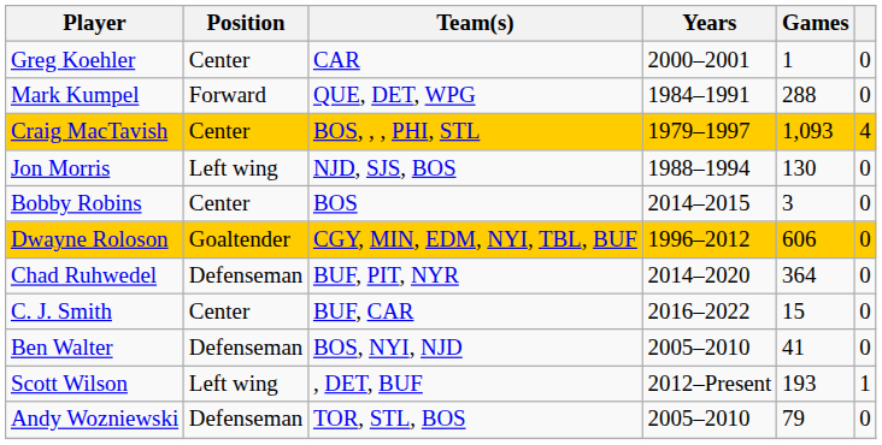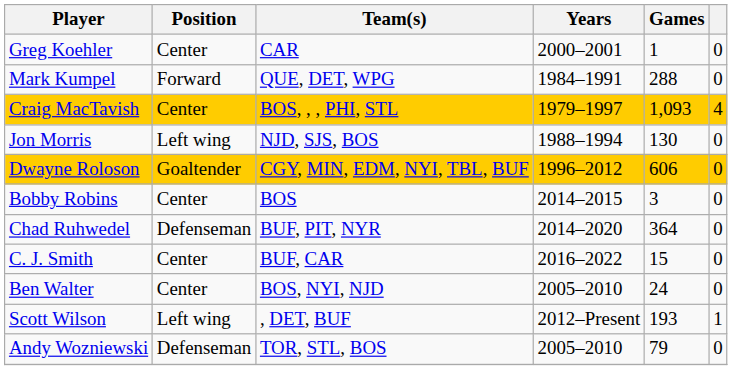 <table class="wikitable sortable">
 <tr>
 <th>Player</th>
 <th>Position</th>
 <th>Team(s)</th>
 <th>Years</th>
 <th>Games</th>
 <th><a href='#'></a></th>
 </tr>
 <tr>
 <td><a href='#'>Greg Koehler</a></td>
 <td>Center</td>
 <td><a href='#'>CAR</a></td>
 <td>2000–2001</td>
 <td>1</td>
 <td>0</td>
 </tr>
 <tr>
 <td><a href='#'>Mark Kumpel</a></td>
 <td>Forward</td>
 <td><a href='#'>QUE</a>, <a href='#'>DET</a>, <a href='#'>WPG</a></td>
 <td>1984–1991</td>
 <td>288</td>
 <td>0</td>
 </tr>
 <tr bgcolor=#FFCC00>
 <td><a href='#'>Craig MacTavish</a></td>
 <td>Center</td>
 <td><a href='#'>BOS</a>, <span><strong></strong></span>, <span><strong></strong></span>, <a href='#'>PHI</a>, <a href='#'>STL</a></td>
 <td>1979–1997</td>
 <td>1,093</td>
 <td>4</td>
 </tr>
 <tr>
 <td><a href='#'>Jon Morris</a></td>
 <td>Left wing</td>
 <td><a href='#'>NJD</a>, <a href='#'>SJS</a>, <a href='#'>BOS</a></td>
 <td>1988–1994</td>
 <td>130</td>
 <td>0</td>
 </tr>
+<tr bgcolor=#FFCC00>
+<td><a href='#'>Dwayne Roloson</a></td>
+<td>Goaltender</td>
+<td><a href='#'>CGY</a>, <a href='#'>MIN</a>, <a href='#'>EDM</a>, <a href='#'>NYI</a>, <a href='#'>TBL</a>, <a href='#'>BUF</a></td>
+<td>1996–2012</td>
+<td>606</td>
+<td>0</td>
+</tr>
 <tr>
 <td><a href='#'>Bobby Robins</a></td>
 <td>Center</td>
 <td><a href='#'>BOS</a></td>
 <td>2014–2015</td>
 <td>3</td>
-<td>0</td>
-</tr>
-<tr bgcolor=#FFCC00>
-<td><a href='#'>Dwayne Roloson</a></td>
-<td>Goaltender</td>
-<td><a href='#'>CGY</a>, <a href='#'>MIN</a>, <a href='#'>EDM</a>, <a href='#'>NYI</a>, <a href='#'>TBL</a>, <a href='#'>BUF</a></td>
-<td>1996–2012</td>
-<td>606</td>
 <td>0</td>
 </tr>
 <tr>
 <td><a href='#'>Chad Ruhwedel</a></td>
 <td>Defenseman</td>
 <td><a href='#'>BUF</a>, <a href='#'>PIT</a>, <a href='#'>NYR</a></td>
 <td>2014–2020</td>
 <td>364</td>
 <td>0</td>
 </tr>
 <tr>
 <td><a href='#'>C. J. Smith</a></td>
 <td>Center</td>
 <td><a href='#'>BUF</a>, <a href='#'>CAR</a></td>
 <td>2016–2022</td>
 <td>15</td>
 <td>0</td>
 </tr>
 <tr>
 <td><a href='#'>Ben Walter</a></td>
-<td>Defenseman</td>
+<td>Center</td>
 <td><a href='#'>BOS</a>, <a href='#'>NYI</a>, <a href='#'>NJD</a></td>
 <td>2005–2010</td>
-<td>41</td>
+<td>24</td>
 <td>0</td>
 </tr>
 <tr>
 <td><a href='#'>Scott Wilson</a></td>
 <td>Left wing</td>
 <td><span><strong></strong></span>, <a href='#'>DET</a>, <a href='#'>BUF</a></td>
 <td>2012–Present</td>
 <td>193</td>
 <td>1</td>
 </tr>
 <tr>
 <td><a href='#'>Andy Wozniewski</a></td>
 <td>Defenseman</td>
 <td><a href='#'>TOR</a>, <a href='#'>STL</a>, <a href='#'>BOS</a></td>
 <td>2005–2010</td>
 <td>79</td>
 <td>0</td>
 </tr>
 <tr>
 </tr>
 </table>
